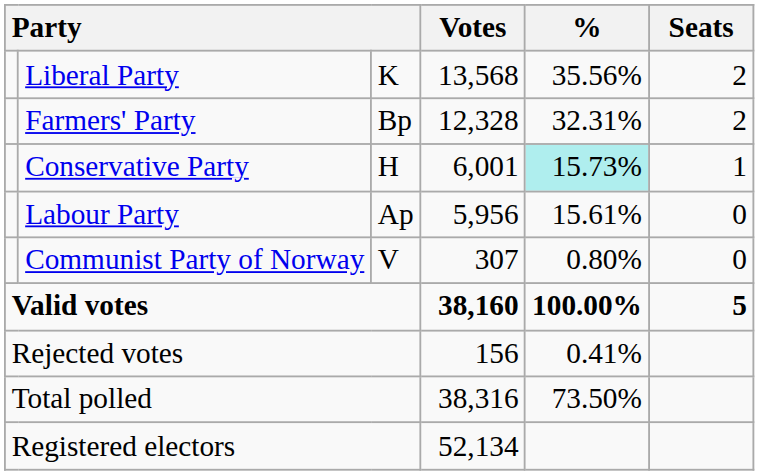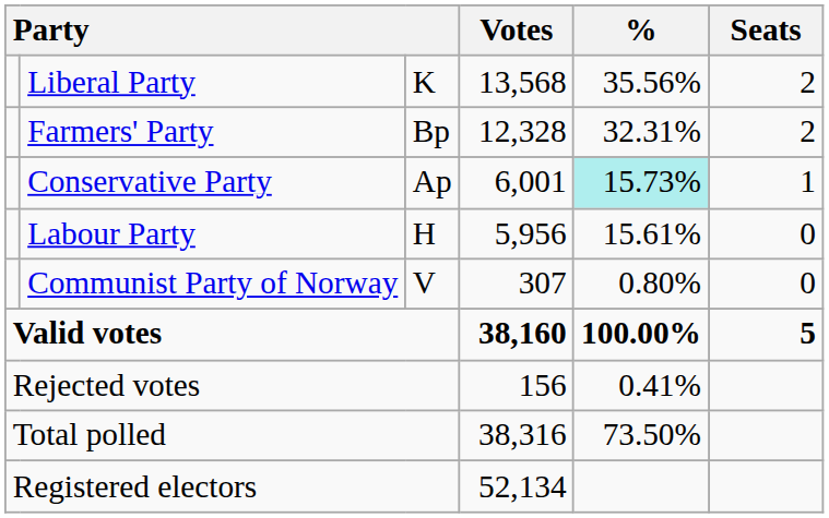 <table class="wikitable" border="1" style="text-align:right;">
 <tr>
 <th style="text-align:left;" colspan=3>Party</th>
 <th align=center width="50">Votes</th>
 <th align=center width="50">%</th>
 <th align=center width="50">Seats</th>
 </tr>
 <tr>
 <td style="color:inherit;background:"></td>
 <td align=left><a href='#'>Liberal Party</a></td>
 <td align=left>K</td>
 <td>13,568</td>
 <td>35.56%</td>
 <td>2</td>
 </tr>
 <tr>
 <td style="color:inherit;background:"></td>
 <td align=left><a href='#'>Farmers' Party</a></td>
 <td align=left>Bp</td>
 <td>12,328</td>
 <td>32.31%</td>
 <td>2</td>
 </tr>
 <tr>
 <td style="color:inherit;background:"></td>
 <td align=left><a href='#'>Conservative Party</a></td>
-<td align=left>H</td>
+<td align=left>Ap</td>
 <td>6,001</td>
 <td style="background: paleturquoise;">15.73%</td>
 <td>1</td>
 </tr>
 <tr>
 <td style="color:inherit;background:"></td>
 <td align=left><a href='#'>Labour Party</a></td>
-<td align=left>Ap</td>
+<td align=left>H</td>
 <td>5,956</td>
 <td>15.61%</td>
 <td>0</td>
 </tr>
 <tr>
 <td style="color:inherit;background:"></td>
 <td align=left><a href='#'>Communist Party of Norway</a></td>
 <td align=left>V</td>
 <td>307</td>
 <td>0.80%</td>
 <td>0</td>
 </tr>
 <tr style="font-weight:bold">
 <td align=left colspan=3>Valid votes</td>
 <td>38,160</td>
 <td>100.00%</td>
 <td>5</td>
 </tr>
 <tr>
 <td align=left colspan=3>Rejected votes</td>
 <td>156</td>
 <td>0.41%</td>
 <td></td>
 </tr>
 <tr>
 <td align=left colspan=3>Total polled</td>
 <td>38,316</td>
 <td>73.50%</td>
 <td></td>
 </tr>
 <tr>
 <td align=left colspan=3>Registered electors</td>
 <td>52,134</td>
 <td></td>
 <td></td>
 </tr>
 </table>
